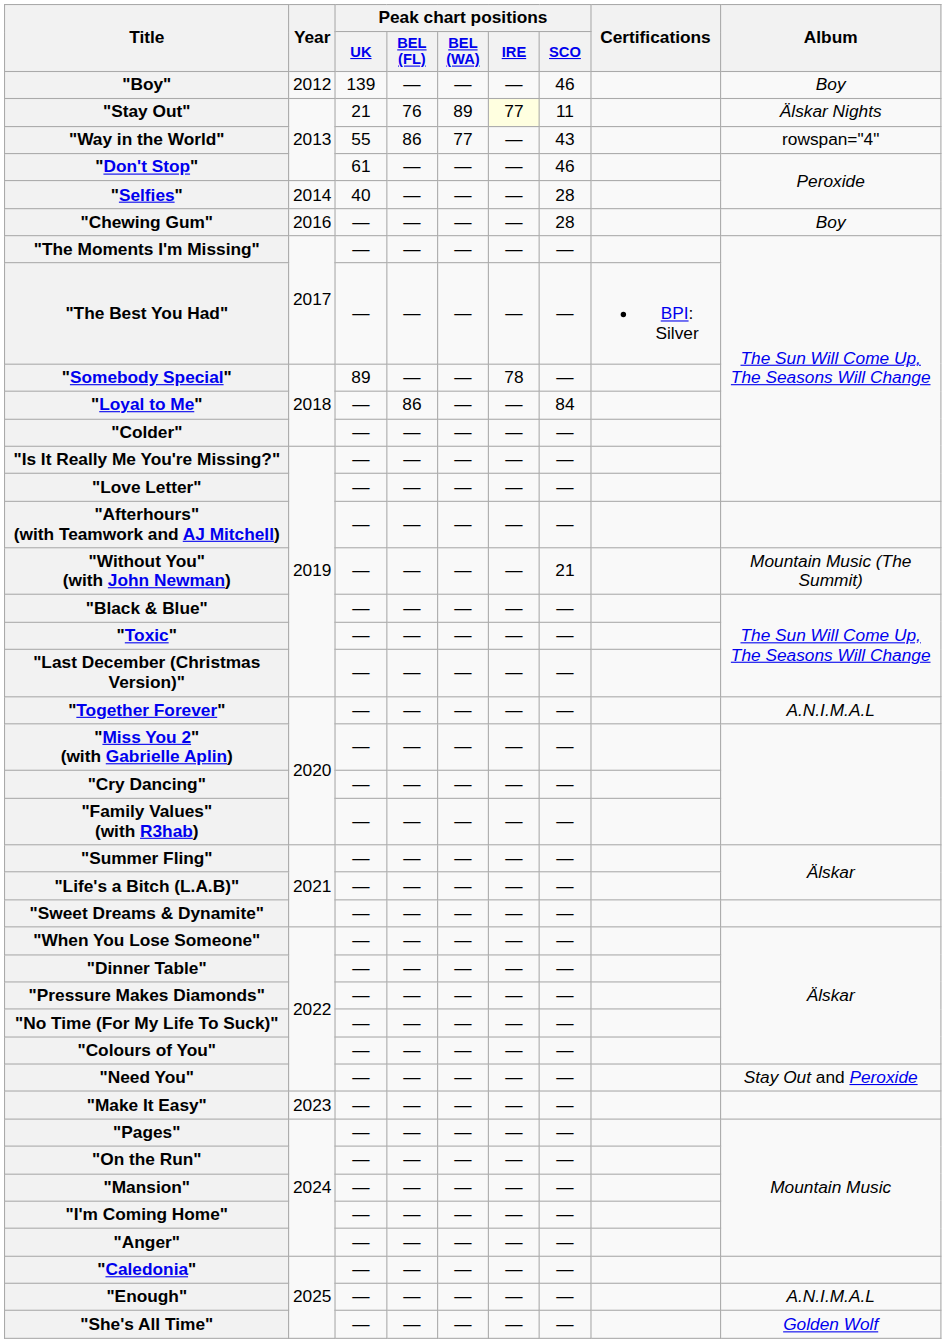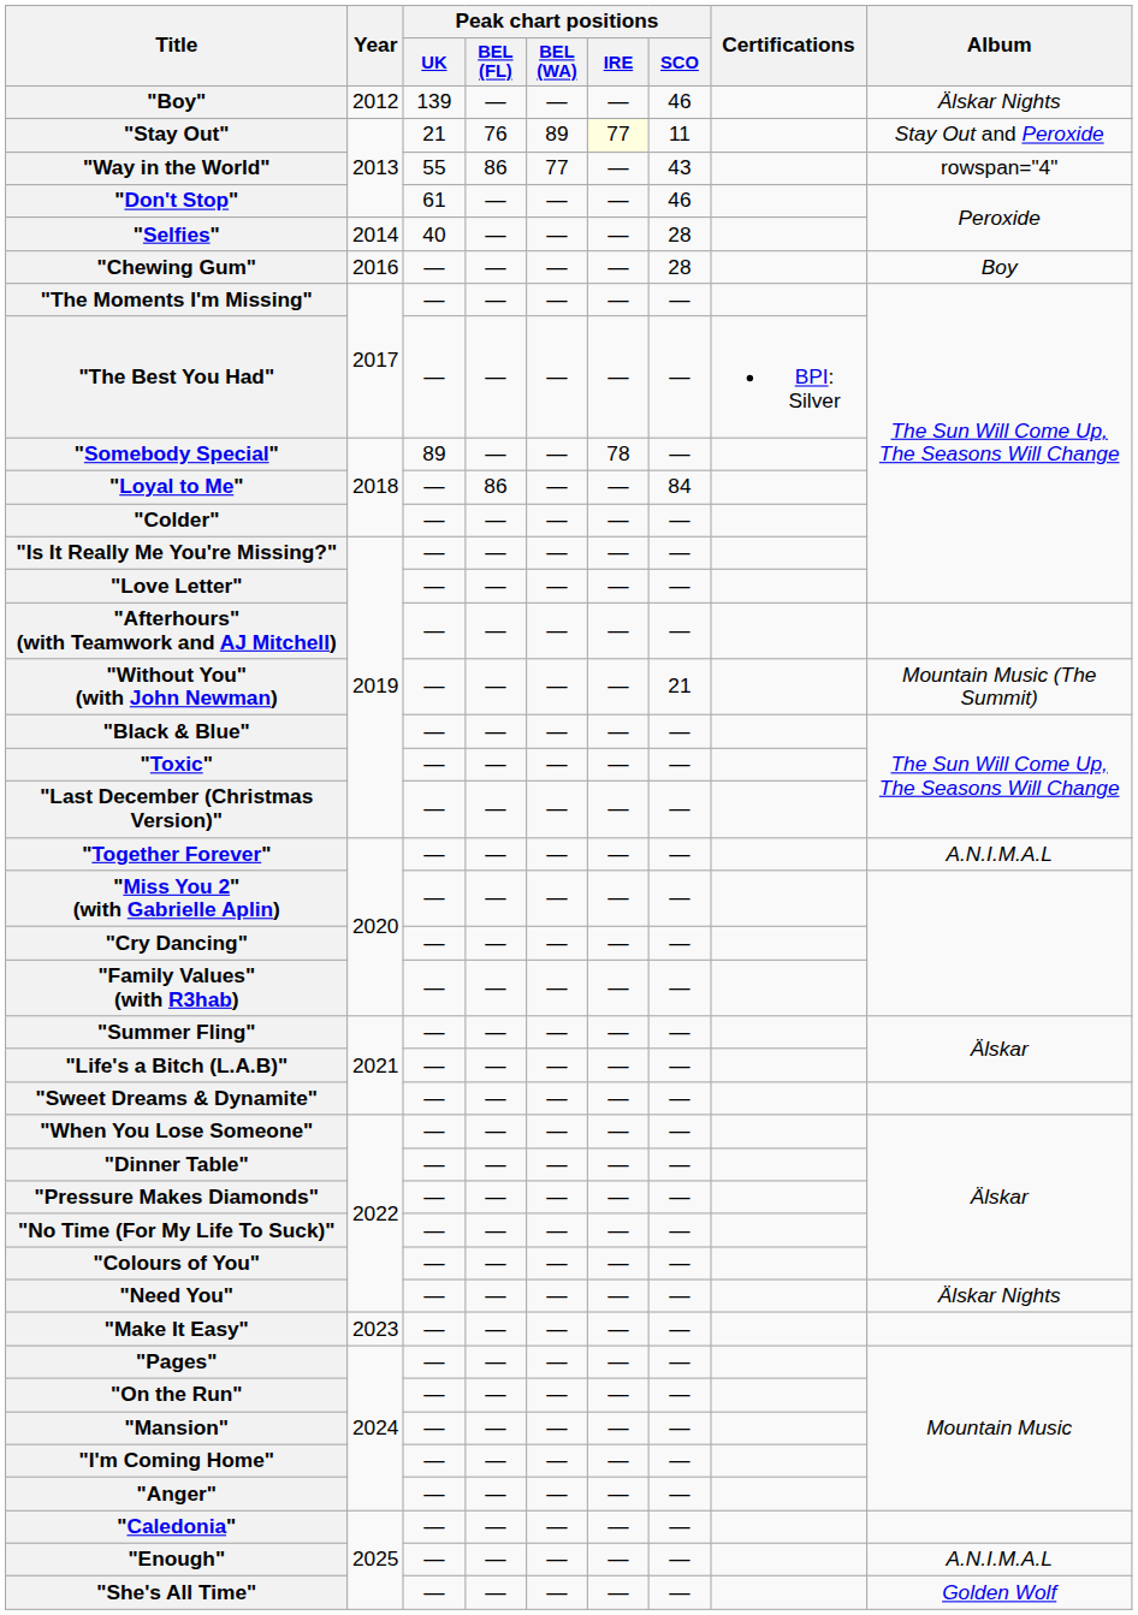 <table class="wikitable plainrowheaders" style="text-align:center;">
 <tr>
 <th scope="col" rowspan="2" style="width:16em;">Title</th>
 <th scope="col" rowspan="2" style="width:1em;">Year</th>
 <th scope="col" colspan="5">Peak chart positions</th>
 <th scope="col" rowspan="2">Certifications</th>
 <th scope="col" rowspan="2">Album</th>
 </tr>
 <tr>
 <th scope="col" style="width:3em;font-size:85%;"><a href='#'>UK</a><br></th>
 <th scope="col" style="width:3em;font-size:85%;"><a href='#'>BEL (FL)</a><br></th>
 <th scope="col" style="width:3em;font-size:85%;"><a href='#'>BEL (WA)</a><br></th>
 <th scope="col" style="width:3em;font-size:85%;"><a href='#'>IRE</a><br></th>
 <th scope="col" style="width:3em;font-size:85%;"><a href='#'>SCO</a><br></th>
 </tr>
 <tr>
 <th scope="row">"Boy"</th>
 <td>2012</td>
 <td>139</td>
 <td>—</td>
 <td>—</td>
 <td>—</td>
 <td>46</td>
 <td></td>
-<td><em>Boy</em></td>
+<td><em>Älskar Nights</em></td>
 </tr>
 <tr>
 <th scope="row">"Stay Out"</th>
 <td rowspan="3">2013</td>
 <td>21</td>
 <td>76</td>
 <td>89</td>
 <td style="background: lightyellow;">77</td>
 <td>11</td>
 <td></td>
-<td><em>Älskar Nights</em></td>
+<td><em>Stay Out</em> and <em><a href='#'>Peroxide</a></em></td>
 </tr>
 <tr>
 <th scope="row">"Way in the World"</th>
 <td>55</td>
 <td>86</td>
 <td>77</td>
 <td>—</td>
 <td>43</td>
 <td></td>
 <td>rowspan="4" </td>
 </tr>
 <tr>
 <th scope="row">"<a href='#'>Don't Stop</a>"</th>
 <td>61</td>
 <td>—</td>
 <td>—</td>
 <td>—</td>
 <td>46</td>
 <td></td>
 <td rowspan="2"><em>Peroxide</em></td>
 </tr>
 <tr>
 <th scope="row">"<a href='#'>Selfies</a>"</th>
 <td>2014</td>
 <td>40</td>
 <td>—</td>
 <td>—</td>
 <td>—</td>
 <td>28</td>
 <td></td>
 </tr>
 <tr>
 <th scope="row">"Chewing Gum"</th>
 <td>2016</td>
 <td>—</td>
 <td>—</td>
 <td>—</td>
 <td>—</td>
 <td>28</td>
 <td></td>
 <td><em>Boy</em></td>
 </tr>
 <tr>
 <th scope="row">"The Moments I'm Missing"</th>
 <td rowspan="2">2017</td>
 <td>—</td>
 <td>—</td>
 <td>—</td>
 <td>—</td>
 <td>—</td>
 <td></td>
 <td rowspan="7"><em><a href='#'>The Sun Will Come Up,<br>The Seasons Will Change</a></em></td>
 </tr>
 <tr>
 <th scope="row">"The Best You Had"</th>
 <td>—</td>
 <td>—</td>
 <td>—</td>
 <td>—</td>
 <td>—</td>
 <td><br><ul><li><a href='#'>BPI</a>: Silver</li></ul></td>
 </tr>
 <tr>
 <th scope="row">"<a href='#'>Somebody Special</a>"</th>
 <td rowspan="3">2018</td>
 <td>89</td>
 <td>—</td>
 <td>—</td>
 <td>78</td>
 <td>—</td>
 <td></td>
 </tr>
 <tr>
 <th scope="row">"<a href='#'>Loyal to Me</a>"</th>
 <td>—</td>
 <td>86</td>
 <td>—</td>
 <td>—</td>
 <td>84</td>
 <td></td>
 </tr>
 <tr>
 <th scope="row">"Colder"</th>
 <td>—</td>
 <td>—</td>
 <td>—</td>
 <td>—</td>
 <td>—</td>
 <td></td>
 </tr>
 <tr>
 <th scope="row">"Is It Really Me You're Missing?"</th>
 <td rowspan="7">2019</td>
 <td>—</td>
 <td>—</td>
 <td>—</td>
 <td>—</td>
 <td>—</td>
 <td></td>
 </tr>
 <tr>
 <th scope="row">"Love Letter"</th>
 <td>—</td>
 <td>—</td>
 <td>—</td>
 <td>—</td>
 <td>—</td>
 <td></td>
 </tr>
 <tr>
 <th scope="row">"Afterhours"<br><span>(with Teamwork and <a href='#'>AJ Mitchell</a>)</span></th>
 <td>—</td>
 <td>—</td>
 <td>—</td>
 <td>—</td>
 <td>—</td>
 <td></td>
 <td></td>
 </tr>
 <tr>
 <th scope="row">"Without You"<br><span>(with <a href='#'>John Newman</a>)</span></th>
 <td>—</td>
 <td>—</td>
 <td>—</td>
 <td>—</td>
 <td>21</td>
 <td></td>
 <td><em>Mountain Music (The Summit)</em></td>
 </tr>
 <tr>
 <th scope="row">"Black & Blue"</th>
 <td>—</td>
 <td>—</td>
 <td>—</td>
 <td>—</td>
 <td>—</td>
 <td></td>
 <td rowspan="3"><em><a href='#'>The Sun Will Come Up,<br>The Seasons Will Change</a></em></td>
 </tr>
 <tr>
 <th scope="row">"<a href='#'>Toxic</a>"</th>
 <td>—</td>
 <td>—</td>
 <td>—</td>
 <td>—</td>
 <td>—</td>
 <td></td>
 </tr>
 <tr>
 <th scope="row">"Last December (Christmas Version)"</th>
 <td>—</td>
 <td>—</td>
 <td>—</td>
 <td>—</td>
 <td>—</td>
 <td></td>
 </tr>
 <tr>
 <th scope="row">"<a href='#'>Together Forever</a>"</th>
 <td rowspan="4">2020</td>
 <td>—</td>
 <td>—</td>
 <td>—</td>
 <td>—</td>
 <td>—</td>
 <td></td>
 <td><em>A.N.I.M.A.L</em></td>
 </tr>
 <tr>
 <th scope="row">"<a href='#'>Miss You 2</a>"<br><span>(with <a href='#'>Gabrielle Aplin</a>)</span></th>
 <td>—</td>
 <td>—</td>
 <td>—</td>
 <td>—</td>
 <td>—</td>
 <td></td>
 </tr>
 <tr>
 <th scope="row">"Cry Dancing"<br></th>
 <td>—</td>
 <td>—</td>
 <td>—</td>
 <td>—</td>
 <td>—</td>
 <td></td>
 </tr>
 <tr>
 <th scope="row">"Family Values"<br><span>(with <a href='#'>R3hab</a>)</span></th>
 <td>—</td>
 <td>—</td>
 <td>—</td>
 <td>—</td>
 <td>—</td>
 <td></td>
 </tr>
 <tr>
 <th scope="row">"Summer Fling"</th>
 <td rowspan="3">2021</td>
 <td>—</td>
 <td>—</td>
 <td>—</td>
 <td>—</td>
 <td>—</td>
 <td></td>
 <td rowspan="2"><em>Älskar</em></td>
 </tr>
 <tr>
 <th scope="row">"Life's a Bitch (L.A.B)"</th>
 <td>—</td>
 <td>—</td>
 <td>—</td>
 <td>—</td>
 <td>—</td>
 <td></td>
 </tr>
 <tr>
 <th scope="row">"Sweet Dreams & Dynamite"<br></th>
 <td>—</td>
 <td>—</td>
 <td>—</td>
 <td>—</td>
 <td>—</td>
 <td></td>
 <td></td>
 </tr>
 <tr>
 <th scope="row">"When You Lose Someone"</th>
 <td rowspan="6">2022</td>
 <td>—</td>
 <td>—</td>
 <td>—</td>
 <td>—</td>
 <td>—</td>
 <td></td>
 <td rowspan="5"><em>Älskar</em></td>
 </tr>
 <tr>
 <th scope="row">"Dinner Table"</th>
 <td>—</td>
 <td>—</td>
 <td>—</td>
 <td>—</td>
 <td>—</td>
 <td></td>
 </tr>
 <tr>
 <th scope="row">"Pressure Makes Diamonds"</th>
 <td>—</td>
 <td>—</td>
 <td>—</td>
 <td>—</td>
 <td>—</td>
 <td></td>
 </tr>
 <tr>
 <th scope="row">"No Time (For My Life To Suck)"</th>
 <td>—</td>
 <td>—</td>
 <td>—</td>
 <td>—</td>
 <td>—</td>
 <td></td>
 </tr>
 <tr>
 <th scope="row">"Colours of You"</th>
 <td>—</td>
 <td>—</td>
 <td>—</td>
 <td>—</td>
 <td>—</td>
 <td></td>
 </tr>
 <tr>
 <th scope="row">"Need You"<br></th>
 <td>—</td>
 <td>—</td>
 <td>—</td>
 <td>—</td>
 <td>—</td>
 <td></td>
-<td><em>Stay Out</em> and <em><a href='#'>Peroxide</a></em></td>
+<td><em>Älskar Nights</em></td>
 </tr>
 <tr>
 <th scope="row">"Make It Easy"<br></th>
 <td rowspan="1">2023</td>
 <td>—</td>
 <td>—</td>
 <td>—</td>
 <td>—</td>
 <td>—</td>
 <td></td>
 <td></td>
 </tr>
 <tr>
 <th scope="row">"Pages"</th>
 <td rowspan="5">2024</td>
 <td>—</td>
 <td>—</td>
 <td>—</td>
 <td>—</td>
 <td>—</td>
 <td></td>
 <td rowspan="5"><em>Mountain Music</em></td>
 </tr>
 <tr>
 <th scope="row">"On the Run"</th>
 <td>—</td>
 <td>—</td>
 <td>—</td>
 <td>—</td>
 <td>—</td>
 <td></td>
 </tr>
 <tr>
 <th scope="row">"Mansion"</th>
 <td>—</td>
 <td>—</td>
 <td>—</td>
 <td>—</td>
 <td>—</td>
 <td></td>
 </tr>
 <tr>
 <th scope="row">"I'm Coming Home"</th>
 <td>—</td>
 <td>—</td>
 <td>—</td>
 <td>—</td>
 <td>—</td>
 <td></td>
 </tr>
 <tr>
 <th scope="row">"Anger"</th>
 <td>—</td>
 <td>—</td>
 <td>—</td>
 <td>—</td>
 <td>—</td>
 <td></td>
 </tr>
 <tr>
 <th scope="row">"<a href='#'>Caledonia</a>"</th>
 <td rowspan="3">2025</td>
 <td>—</td>
 <td>—</td>
 <td>—</td>
 <td>—</td>
 <td>—</td>
 <td></td>
 <td></td>
 </tr>
 <tr>
 <th scope="row">"Enough"</th>
 <td>—</td>
 <td>—</td>
 <td>—</td>
 <td>—</td>
 <td>—</td>
 <td></td>
 <td><em>A.N.I.M.A.L</em></td>
 </tr>
 <tr>
 <th scope="row">"She's All Time"<br></th>
 <td>—</td>
 <td>—</td>
 <td>—</td>
 <td>—</td>
 <td>—</td>
 <td></td>
 <td><em><a href='#'>Golden Wolf</a></td>
 </tr>
 </table>
